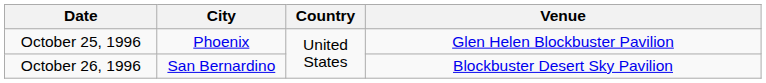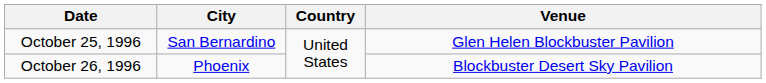 <table class="wikitable" style="text-align:center;">
 <tr>
 <th width="150">Date</th>
 <th width="125">City</th>
 <th width="75">Country</th>
 <th width="400">Venue</th>
 </tr>
 <tr>
 <td>October 25, 1996</td>
-<td><a href='#'>Phoenix</a></td>
+<td><a href='#'>San Bernardino</a></td>
 <td rowspan="2">United States</td>
 <td><a href='#'>Glen Helen Blockbuster Pavilion</a></td>
 </tr>
 <tr>
 <td>October 26, 1996</td>
-<td><a href='#'>San Bernardino</a></td>
+<td><a href='#'>Phoenix</a></td>
 <td><a href='#'>Blockbuster Desert Sky Pavilion</a></td>
 </tr>
 </table>
